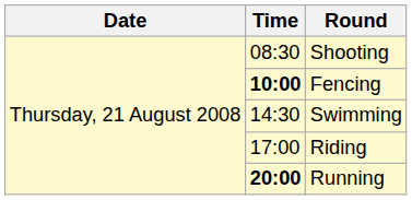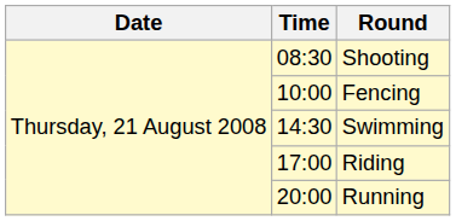 <table class="wikitable">
 <tr>
 <th>Date</th>
 <th>Time</th>
 <th>Round</th>
 </tr>
 <tr style="background:lemonchiffon">
 <td rowspan=5>Thursday, 21 August 2008</td>
 <td>08:30</td>
 <td>Shooting</td>
 </tr>
 <tr style="background:lemonchiffon">
-<td><strong>10:00</strong></td>
+<td>10:00</td>
 <td>Fencing</td>
 </tr>
 <tr style="background:lemonchiffon">
 <td>14:30</td>
 <td>Swimming</td>
 </tr>
 <tr style="background:lemonchiffon">
 <td>17:00</td>
 <td>Riding</td>
 </tr>
 <tr style="background:lemonchiffon">
-<td><strong>20:00</strong></td>
+<td>20:00</td>
 <td>Running</td>
 </tr>
 </table>
